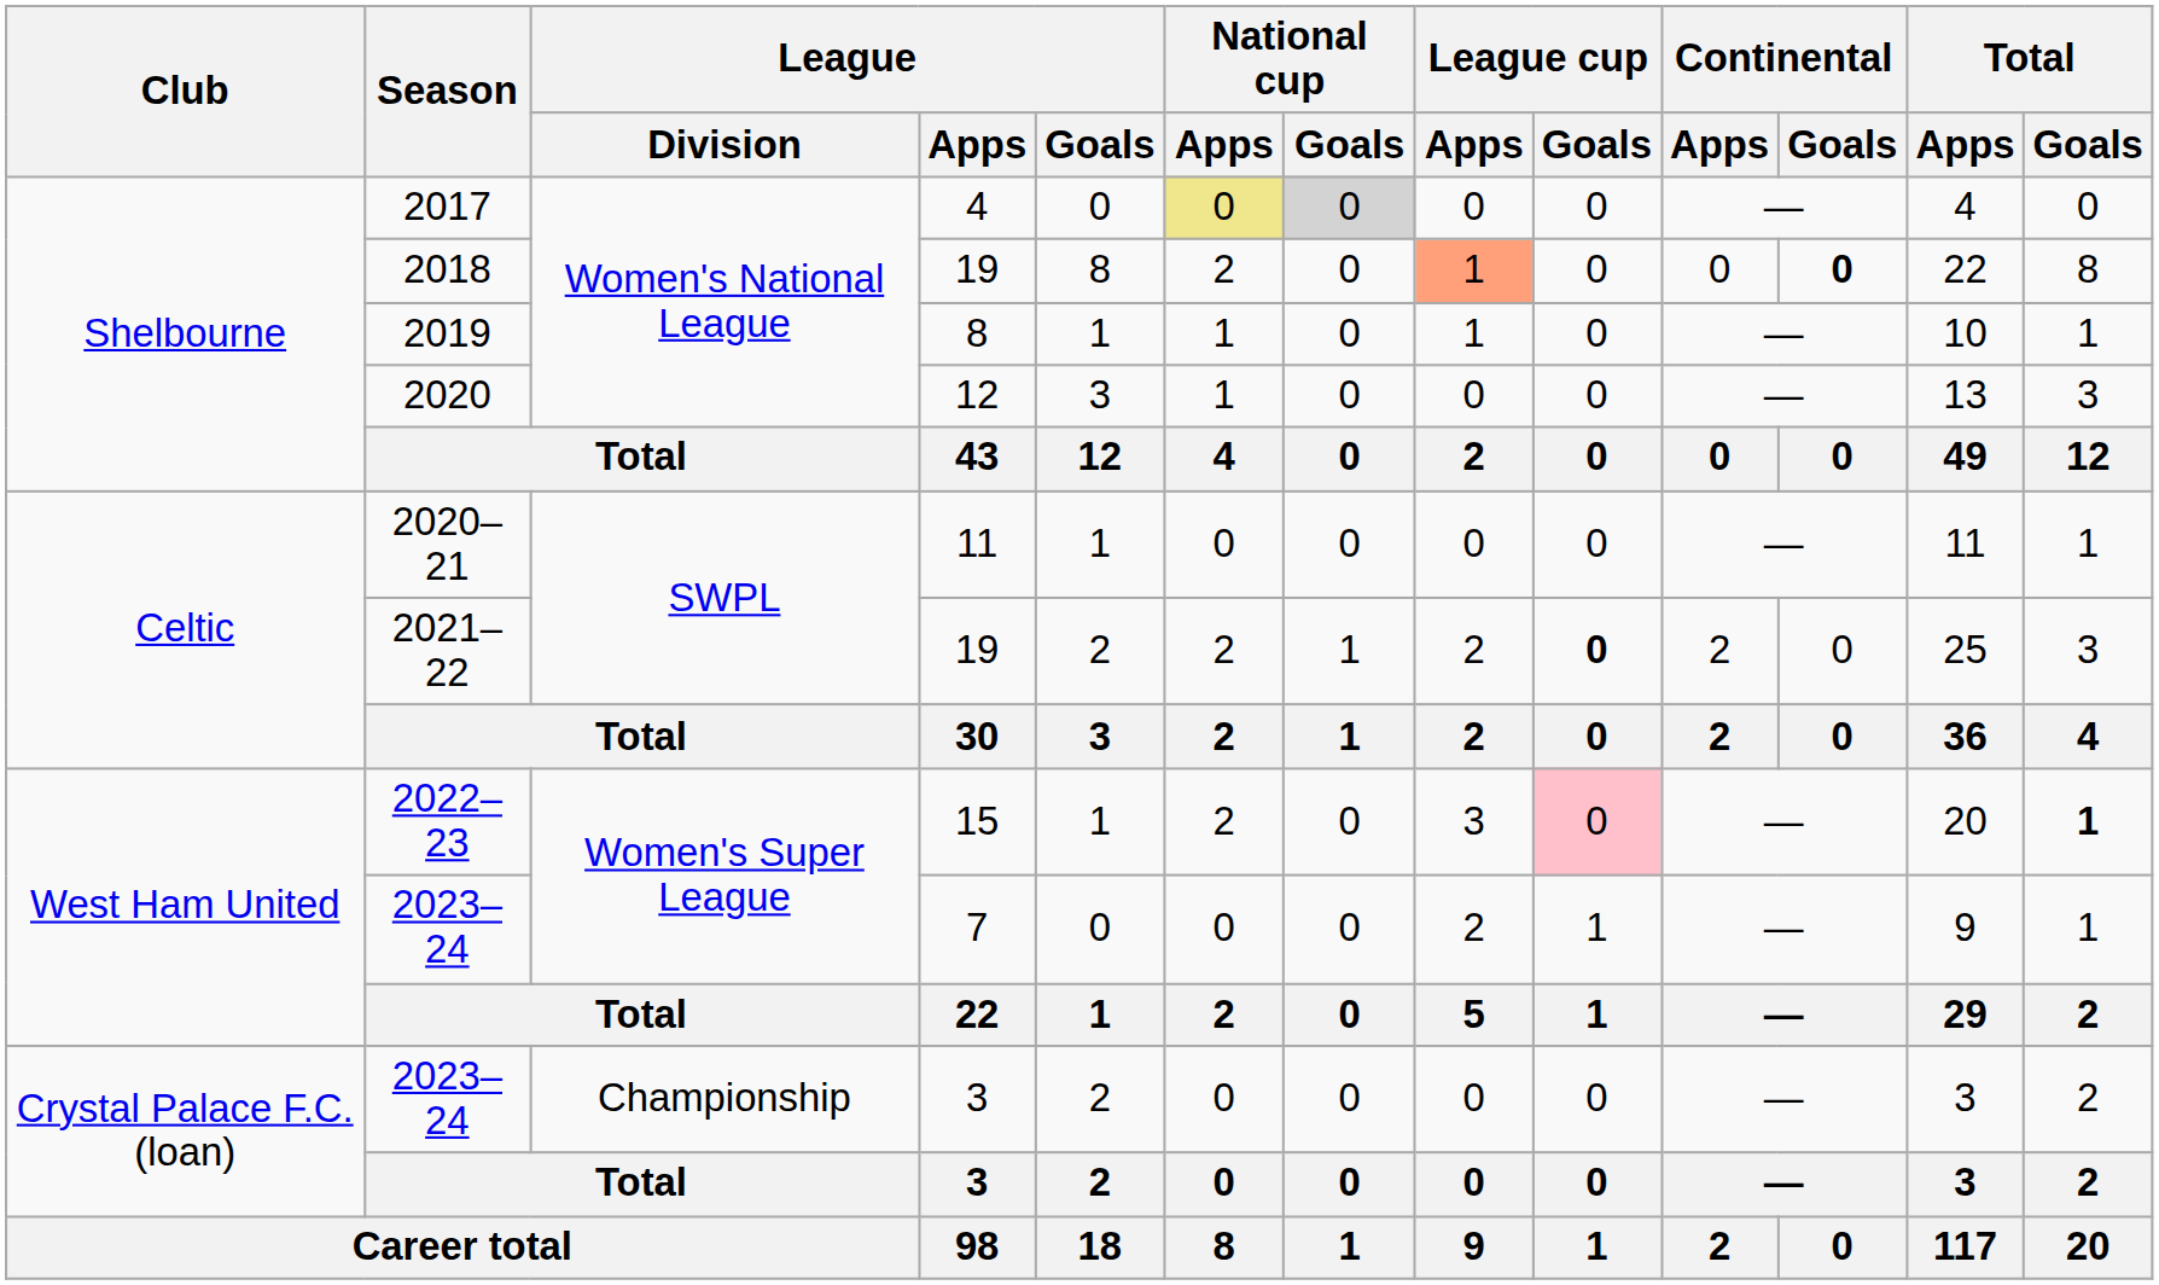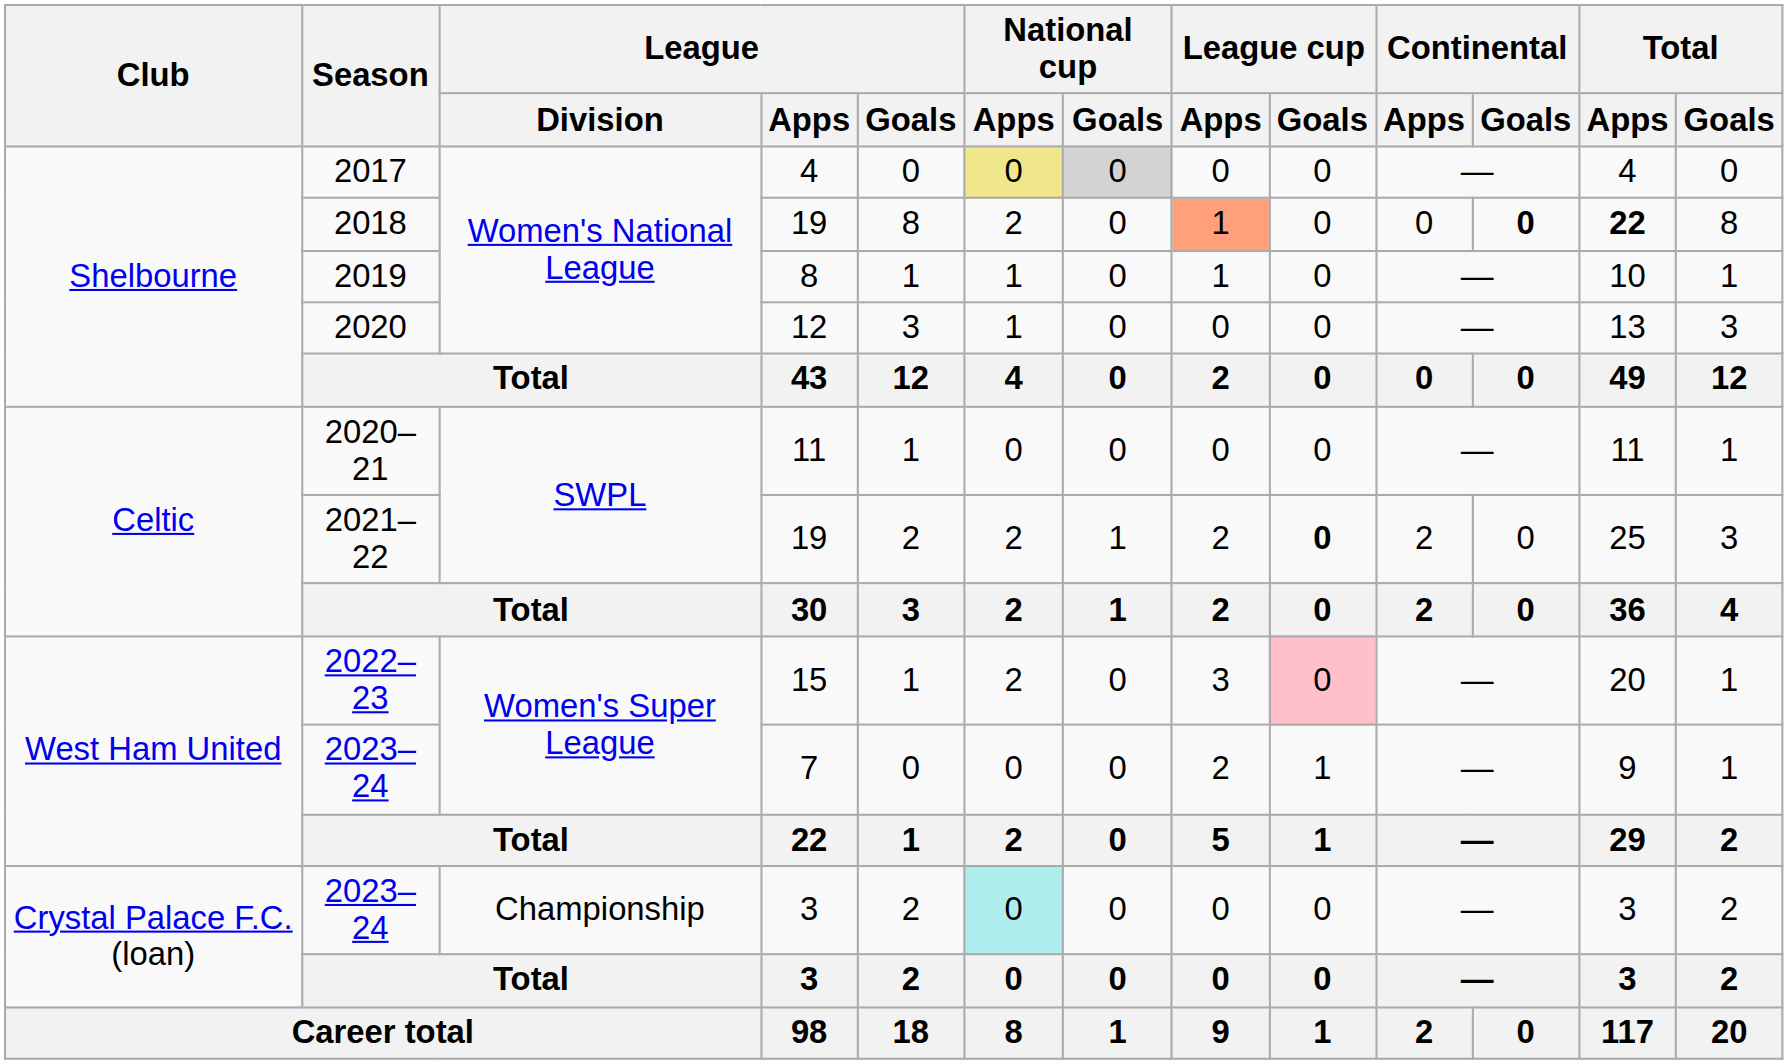 <table class="wikitable" style="text-align:center">
 <tr>
 <th rowspan="2">Club</th>
 <th rowspan="2">Season</th>
 <th colspan="3">League</th>
 <th colspan="2">National cup </th>
 <th colspan="2">League cup </th>
 <th colspan="2">Continental </th>
 <th colspan="2">Total</th>
 </tr>
 <tr>
 <th>Division</th>
 <th>Apps</th>
 <th>Goals</th>
 <th>Apps</th>
 <th>Goals</th>
 <th>Apps</th>
 <th>Goals</th>
 <th>Apps</th>
 <th>Goals</th>
 <th>Apps</th>
 <th>Goals</th>
 </tr>
 <tr>
 <td rowspan="5"><a href='#'>Shelbourne</a></td>
 <td>2017</td>
 <td rowspan="4"><a href='#'>Women's National League</a></td>
 <td>4</td>
 <td>0</td>
 <td style="background: khaki;">0</td>
 <td style="background: lightgrey;">0</td>
 <td>0</td>
 <td>0</td>
 <td colspan="2">—</td>
 <td>4</td>
 <td>0</td>
 </tr>
 <tr>
 <td>2018</td>
 <td>19</td>
 <td>8</td>
 <td>2</td>
 <td>0</td>
 <td style="background: lightsalmon;">1</td>
 <td>0</td>
 <td>0</td>
 <td><strong>0</strong></td>
-<td>22</td>
+<td><strong>22</strong></td>
 <td>8</td>
 </tr>
 <tr>
 <td>2019</td>
 <td>8</td>
 <td>1</td>
 <td>1</td>
 <td>0</td>
 <td>1</td>
 <td>0</td>
 <td colspan="2">—</td>
 <td>10</td>
 <td>1</td>
 </tr>
 <tr>
 <td>2020</td>
 <td>12</td>
 <td>3</td>
 <td>1</td>
 <td>0</td>
 <td>0</td>
 <td>0</td>
 <td colspan="2">—</td>
 <td>13</td>
 <td>3</td>
 </tr>
 <tr>
 <th colspan="2">Total</th>
 <th>43</th>
 <th>12</th>
 <th>4</th>
 <th>0</th>
 <th>2</th>
 <th>0</th>
 <th>0</th>
 <th>0</th>
 <th>49</th>
 <th>12</th>
 </tr>
 <tr>
 <td rowspan="3"><a href='#'>Celtic</a></td>
 <td>2020–21</td>
 <td rowspan="2"><a href='#'>SWPL</a></td>
 <td>11</td>
 <td>1</td>
 <td>0</td>
 <td>0</td>
 <td>0</td>
 <td>0</td>
 <td colspan="2">—</td>
 <td>11</td>
 <td>1</td>
 </tr>
 <tr>
 <td>2021–22</td>
 <td>19</td>
 <td>2</td>
 <td>2</td>
 <td>1</td>
 <td>2</td>
 <td><strong>0</strong></td>
 <td>2</td>
 <td>0</td>
 <td>25</td>
 <td>3</td>
 </tr>
 <tr>
 <th colspan="2">Total</th>
 <th>30</th>
 <th>3</th>
 <th>2</th>
 <th>1</th>
 <th>2</th>
 <th>0</th>
 <th>2</th>
 <th>0</th>
 <th>36</th>
 <th>4</th>
 </tr>
 <tr>
 <td rowspan="3"><a href='#'>West Ham United</a></td>
 <td><a href='#'>2022–23</a></td>
 <td rowspan="2"><a href='#'>Women's Super League</a></td>
 <td>15</td>
 <td>1</td>
 <td>2</td>
 <td>0</td>
 <td>3</td>
 <td style="background: pink;">0</td>
 <td colspan="2">—</td>
 <td>20</td>
-<td><strong>1</strong></td>
+<td>1</td>
 </tr>
 <tr>
 <td><a href='#'>2023–24</a></td>
 <td>7</td>
 <td>0</td>
 <td>0</td>
 <td>0</td>
 <td>2</td>
 <td>1</td>
 <td colspan="2">—</td>
 <td>9</td>
 <td>1</td>
 </tr>
 <tr>
 <th colspan="2">Total</th>
 <th>22</th>
 <th>1</th>
 <th>2</th>
 <th>0</th>
 <th>5</th>
 <th>1</th>
 <th colspan="2">—</th>
 <th>29</th>
 <th>2</th>
 </tr>
 <tr>
 <td rowspan="2"><a href='#'>Crystal Palace F.C.</a> (loan)</td>
 <td><a href='#'>2023–24</a></td>
 <td>Championship</td>
 <td>3</td>
 <td>2</td>
-<td>0</td>
+<td style="background: paleturquoise;">0</td>
 <td>0</td>
 <td>0</td>
 <td>0</td>
 <td colspan="2">—</td>
 <td>3</td>
 <td>2</td>
 </tr>
 <tr>
 <th colspan="2">Total</th>
 <th>3</th>
 <th>2</th>
 <th>0</th>
 <th>0</th>
 <th>0</th>
 <th>0</th>
 <th colspan="2">—</th>
 <th>3</th>
 <th>2</th>
 </tr>
 <tr>
 <th colspan="3">Career total</th>
 <th>98</th>
 <th>18</th>
 <th>8</th>
 <th>1</th>
 <th>9</th>
 <th>1</th>
 <th>2</th>
 <th>0</th>
 <th>117</th>
 <th>20</th>
 </tr>
 </table>
